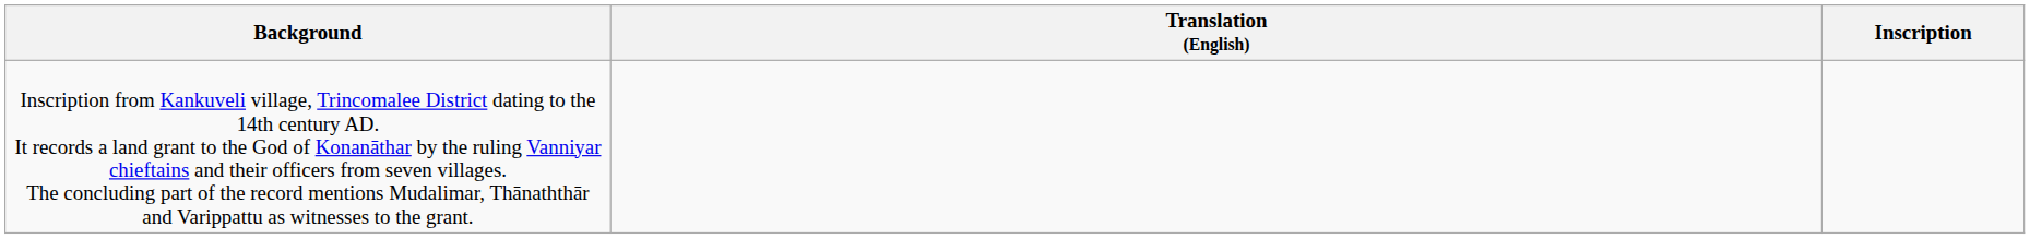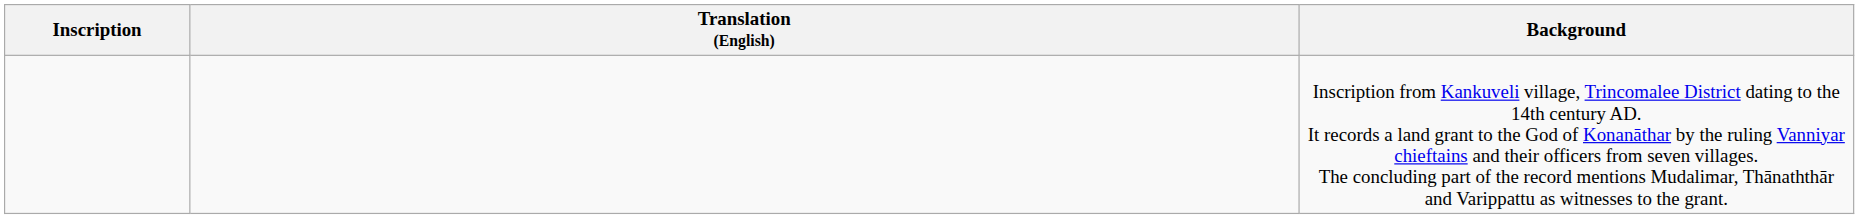 <table class="wikitable centre">
 <tr>
+<th>Inscription<br></th>
+<th>Translation<br><small>(English)</small></th>
 <th scope="col" align=left>Background<br></th>
-<th>Translation<br><small>(English)</small></th>
-<th>Inscription<br></th>
 </tr>
 <tr>
+<td align=center width="10%"></td>
+<td align=left><br></td>
 <td align=center width="30%"><br>Inscription from <a href='#'>Kankuveli</a> village, <a href='#'>Trincomalee District</a> dating to the 14th century AD.<br>It records a land grant to the God of <a href='#'>Konanāthar</a> by the ruling <a href='#'>Vanniyar chieftains</a> and their officers from seven villages.<br>The concluding part of the record mentions Mudalimar, Thānaththār and Varippattu as witnesses to the grant.</td>
-<td align=left><br></td>
-<td align=center width="10%"></td>
 </tr>
 </table>
